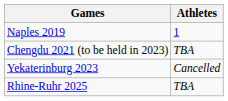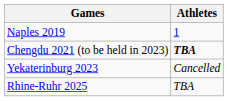 <table class="wikitable">
 <tr>
 <th>Games</th>
 <th>Athletes</th>
 </tr>
 <tr>
 <td><a href='#'>Naples 2019</a></td>
 <td><a href='#'>1</a></td>
 </tr>
 <tr>
 <td><a href='#'>Chengdu 2021</a> (to be held in 2023)</td>
-<td><em>TBA</em></td>
+<td><strong><em>TBA</em></strong></td>
 </tr>
 <tr>
 <td><a href='#'>Yekaterinburg 2023</a></td>
 <td><em>Cancelled</em></td>
 </tr>
 <tr>
 <td><a href='#'>Rhine-Ruhr 2025</a></td>
 <td><em>TBA</em></td>
 </tr>
 </table>
